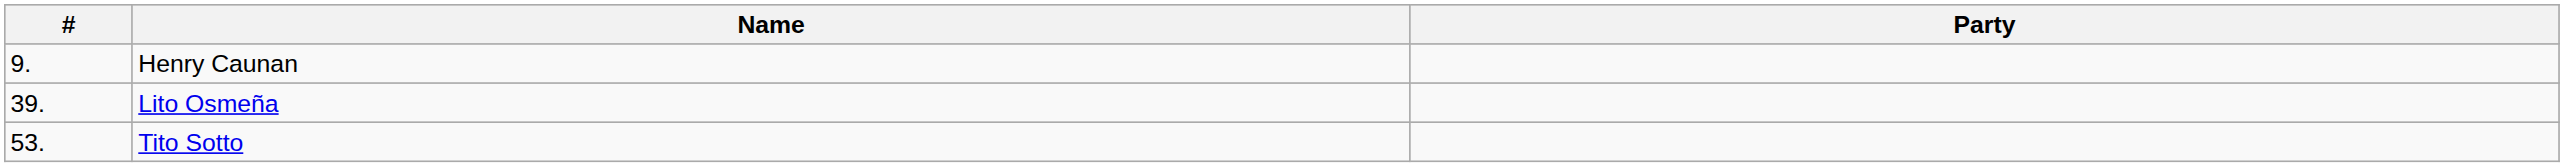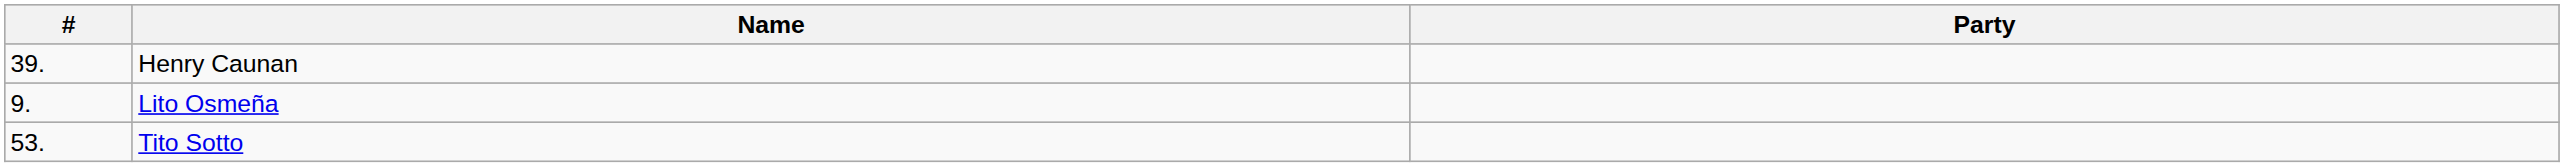 <table class=wikitable width=99% style="font-size:95%">
 <tr>
 <th width=5%>#</th>
 <th width=50%>Name</th>
 <th colspan=2>Party</th>
 </tr>
 <tr>
-<td>9.</td>
+<td>39.</td>
 <td>Henry Caunan</td>
 <td></td>
 </tr>
 <tr>
-<td>39.</td>
+<td>9.</td>
 <td><a href='#'>Lito Osmeña</a></td>
 <td></td>
 </tr>
 <tr>
 <td>53.</td>
 <td><a href='#'>Tito Sotto</a></td>
 <td></td>
 </tr>
 </table>
